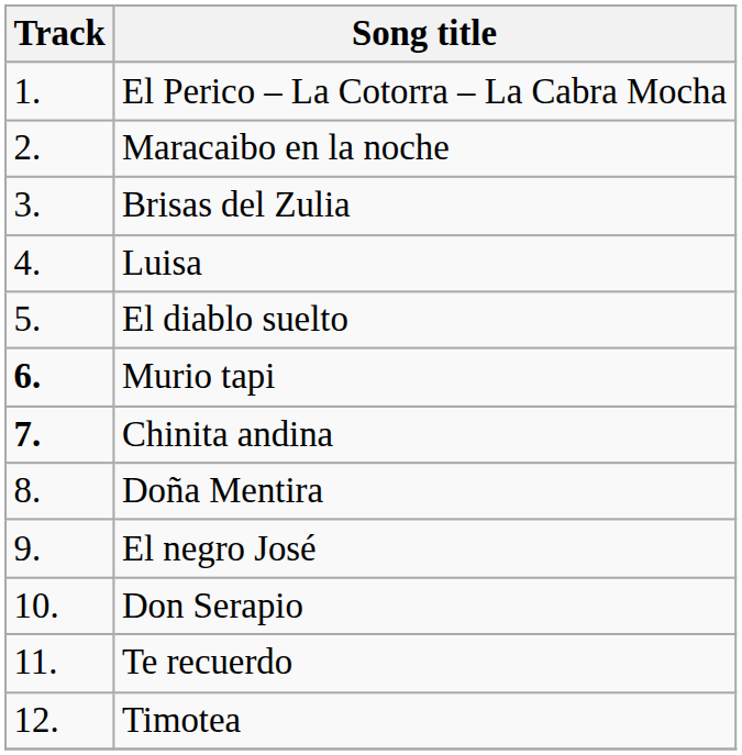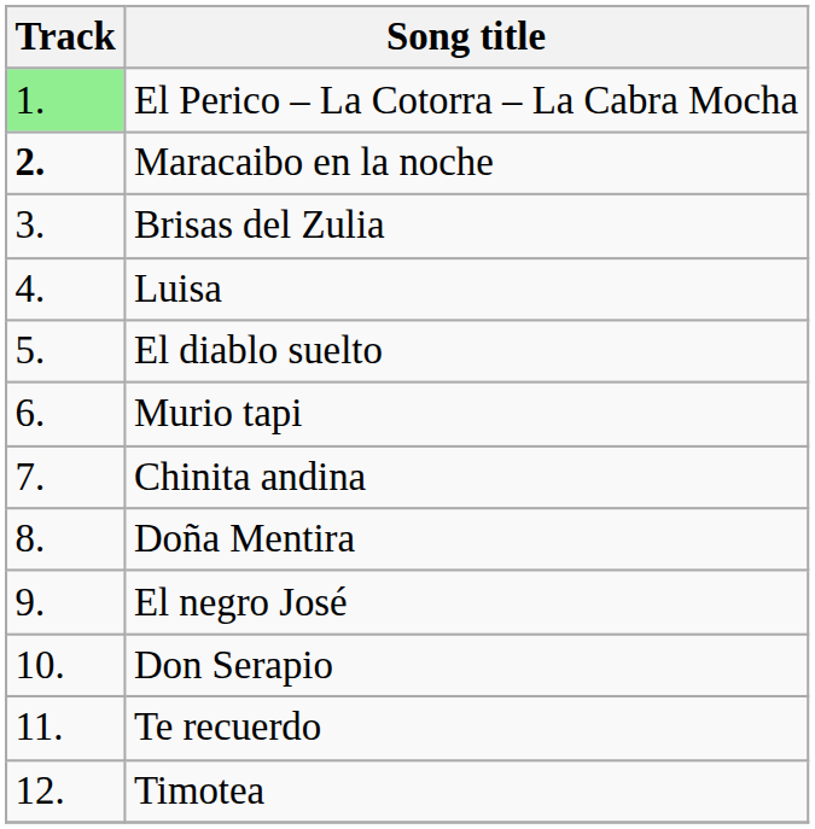 <table class="wikitable">
 <tr>
 <th>Track</th>
 <th>Song title</th>
 </tr>
 <tr>
-<td>1.</td>
+<td style="background: lightgreen;">1.</td>
 <td>El Perico – La Cotorra – La Cabra Mocha</td>
 </tr>
 <tr>
-<td>2.</td>
+<td><strong>2.</strong></td>
 <td>Maracaibo en la noche</td>
 </tr>
 <tr>
 <td>3.</td>
 <td>Brisas del Zulia</td>
 </tr>
 <tr>
 <td>4.</td>
 <td>Luisa</td>
 </tr>
 <tr>
 <td>5.</td>
 <td>El diablo suelto</td>
 </tr>
 <tr>
-<td><strong>6.</strong></td>
+<td>6.</td>
 <td>Murio tapi</td>
 </tr>
 <tr>
-<td><strong>7.</strong></td>
+<td>7.</td>
 <td>Chinita andina</td>
 </tr>
 <tr>
 <td>8.</td>
 <td>Doña Mentira</td>
 </tr>
 <tr>
 <td>9.</td>
 <td>El negro José</td>
 </tr>
 <tr>
 <td>10.</td>
 <td>Don Serapio</td>
 </tr>
 <tr>
 <td>11.</td>
 <td>Te recuerdo</td>
 </tr>
 <tr>
 <td>12.</td>
 <td>Timotea</td>
 </tr>
 <tr>
 </tr>
 </table>
